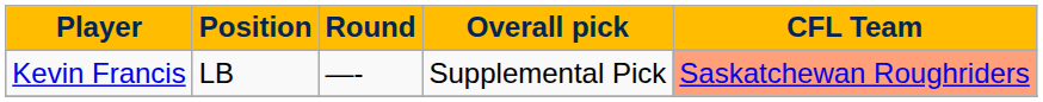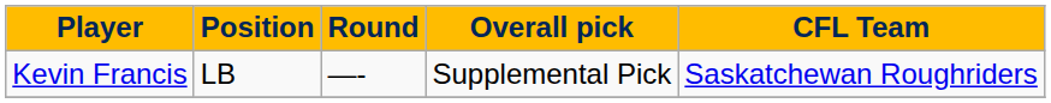 <table class="wikitable" border="1">
 <tr>
 <th style="background: #FFBC00; color: #002659">Player</th>
 <th style="background: #FFBC00; color: #002659">Position</th>
 <th style="background: #FFBC00; color: #002659">Round</th>
 <th style="background: #FFBC00; color: #002659">Overall pick</th>
 <th style="background: #FFBC00; color: #002659">CFL Team</th>
 </tr>
 <tr>
 <td><a href='#'>Kevin Francis</a></td>
 <td>LB</td>
 <td>—-</td>
 <td>Supplemental Pick</td>
-<td style="background: lightsalmon;"><a href='#'>Saskatchewan Roughriders</a></td>
+<td><a href='#'>Saskatchewan Roughriders</a></td>
 </tr>
 <tr>
 </tr>
 </table>
